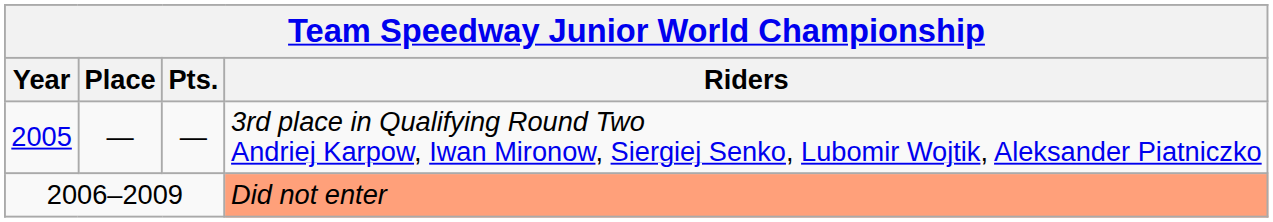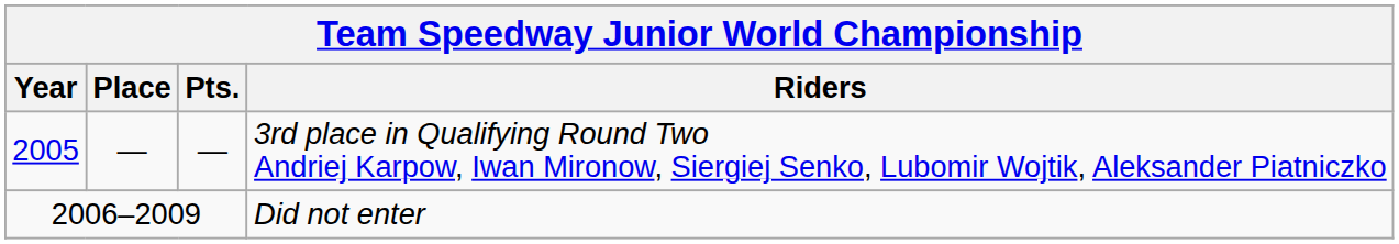 <table class=wikitable style="font-size: 90%;">
 <tr>
 <th colspan=4><big><a href='#'>Team Speedway Junior World Championship</a></big></th>
 </tr>
 <tr>
 <th>Year</th>
 <th>Place</th>
 <th>Pts.</th>
 <th>Riders</th>
 </tr>
 <tr align=center>
 <td><a href='#'>2005</a></td>
 <td>—</td>
 <td>—</td>
 <td align=left><em>3rd place in Qualifying Round Two</em> <br> <a href='#'>Andriej Karpow</a>, <a href='#'>Iwan Mironow</a>, <a href='#'>Siergiej Senko</a>, <a href='#'>Lubomir Wojtik</a>, <a href='#'>Aleksander Piatniczko</a></td>
 </tr>
 <tr align=center >
 <td colspan=3>2006–2009</td>
-<td align=left style="background: lightsalmon;"><em>Did not enter</em></td>
+<td align=left><em>Did not enter</em></td>
 </tr>
 </table>
